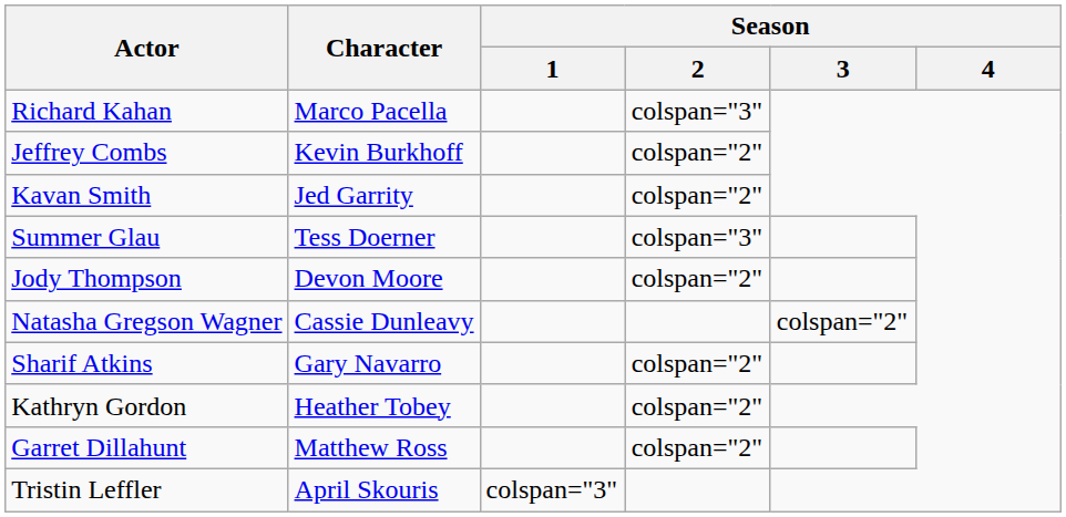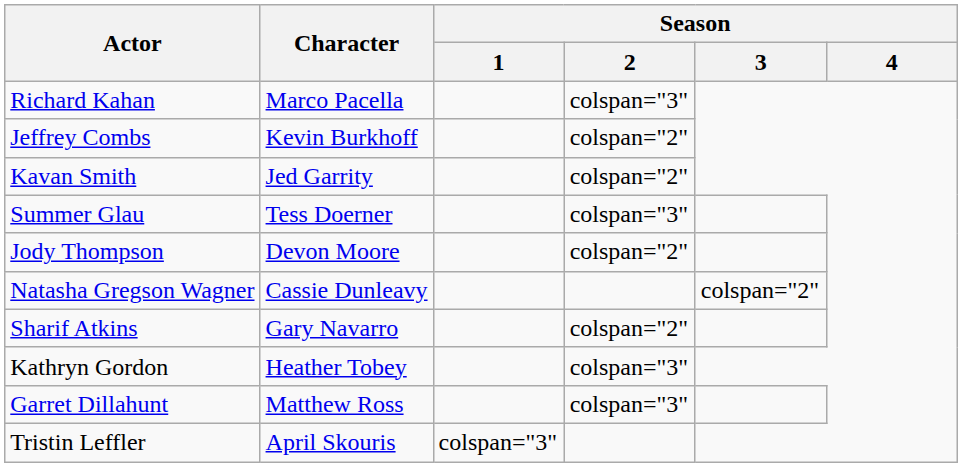 <table class="wikitable">
 <tr>
 <th rowspan="2">Actor</th>
 <th rowspan="2">Character</th>
 <th colspan="4">Season</th>
 </tr>
 <tr>
 <th style="width: 5em;">1</th>
 <th style="width: 5em;">2</th>
 <th style="width: 5em;">3</th>
 <th style="width: 5em;">4</th>
 </tr>
 <tr>
 <td><a href='#'>Richard Kahan</a></td>
 <td><a href='#'>Marco Pacella</a></td>
 <td></td>
 <td>colspan="3" </td>
 </tr>
 <tr>
 <td><a href='#'>Jeffrey Combs</a></td>
 <td><a href='#'>Kevin Burkhoff</a></td>
 <td></td>
 <td>colspan="2" </td>
 </tr>
 <tr>
 <td><a href='#'>Kavan Smith</a></td>
 <td><a href='#'>Jed Garrity</a></td>
 <td></td>
 <td>colspan="2" </td>
 </tr>
 <tr>
 <td><a href='#'>Summer Glau</a></td>
 <td><a href='#'>Tess Doerner</a></td>
 <td></td>
 <td>colspan="3" </td>
 <td></td>
 </tr>
 <tr>
 <td><a href='#'>Jody Thompson</a></td>
 <td><a href='#'>Devon Moore</a></td>
 <td></td>
 <td>colspan="2" </td>
 <td></td>
 </tr>
 <tr>
 <td><a href='#'>Natasha Gregson Wagner</a></td>
 <td><a href='#'>Cassie Dunleavy</a></td>
 <td></td>
 <td></td>
 <td>colspan="2" </td>
 </tr>
 <tr>
 <td><a href='#'>Sharif Atkins</a></td>
 <td><a href='#'>Gary Navarro</a></td>
 <td></td>
 <td>colspan="2" </td>
 <td></td>
 </tr>
 <tr>
 <td>Kathryn Gordon</td>
 <td><a href='#'>Heather Tobey</a></td>
 <td></td>
-<td>colspan="2" </td>
+<td>colspan="3" </td>
 </tr>
 <tr>
 <td><a href='#'>Garret Dillahunt</a></td>
 <td><a href='#'>Matthew Ross</a></td>
 <td></td>
-<td>colspan="2" </td>
+<td>colspan="3" </td>
 <td></td>
 </tr>
 <tr>
 <td>Tristin Leffler</td>
 <td><a href='#'>April Skouris</a></td>
 <td>colspan="3" </td>
 <td></td>
 </tr>
 </table>
